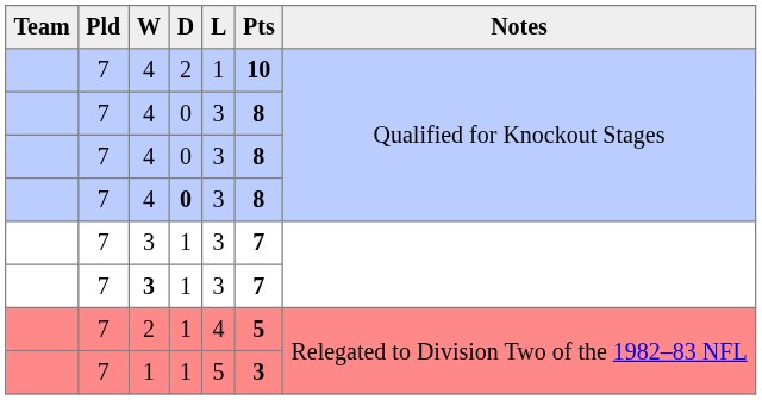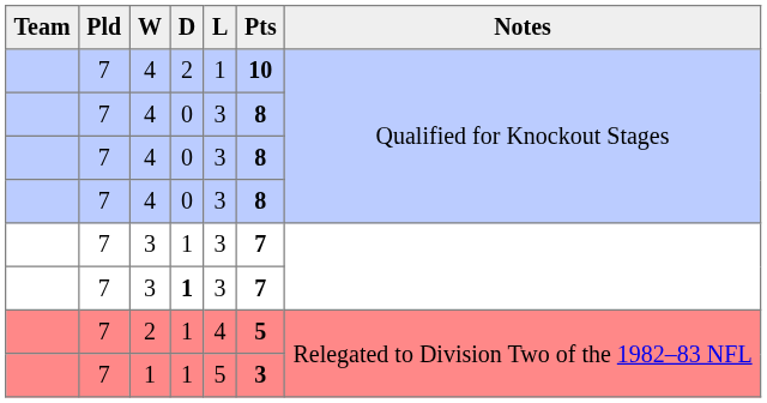 <table style=border-collapse:collapse border=1 cellspacing=0 cellpadding=5>
 <tr align=center bgcolor=#efefef>
 <th>Team</th>
 <th>Pld</th>
 <th>W</th>
 <th>D</th>
 <th>L</th>
 <th>Pts</th>
 <th>Notes</th>
 </tr>
 <tr align=center style="background:#bbccff;">
 <td style="text-align:left;"> </td>
 <td>7</td>
 <td>4</td>
 <td>2</td>
 <td>1</td>
 <td><strong>10</strong></td>
 <td rowspan=4>Qualified for Knockout Stages</td>
 </tr>
 <tr align=center style="background:#bbccff;">
 <td style="text-align:left;"> </td>
 <td>7</td>
 <td>4</td>
 <td>0</td>
 <td>3</td>
 <td><strong>8</strong></td>
 </tr>
 <tr align=center style="background:#bbccff;">
 <td style="text-align:left;"> </td>
 <td>7</td>
 <td>4</td>
 <td>0</td>
 <td>3</td>
 <td><strong>8</strong></td>
 </tr>
 <tr align=center style="background:#bbccff;">
 <td style="text-align:left;"> </td>
 <td>7</td>
 <td>4</td>
-<td><strong>0</strong></td>
+<td>0</td>
 <td>3</td>
 <td><strong>8</strong></td>
 </tr>
 <tr align=center style="background:#FFFFFF;">
 <td style="text-align:left;"> </td>
 <td>7</td>
 <td>3</td>
 <td>1</td>
 <td>3</td>
 <td><strong>7</strong></td>
 <td rowspan=2></td>
 </tr>
 <tr align=center style="background:#FFFFFF;">
 <td style="text-align:left;"> </td>
 <td>7</td>
-<td><strong>3</strong></td>
-<td>1</td>
+<td>3</td>
+<td><strong>1</strong></td>
 <td>3</td>
 <td><strong>7</strong></td>
 </tr>
 <tr align=center style="background:#FF8888;">
 <td style="text-align:left;"> </td>
 <td>7</td>
 <td>2</td>
 <td>1</td>
 <td>4</td>
 <td><strong>5</strong></td>
 <td rowspan=2>Relegated to Division Two of the <a href='#'>1982–83 NFL</a></td>
 </tr>
 <tr align=center style="background:#FF8888;">
 <td style="text-align:left;"> </td>
 <td>7</td>
 <td>1</td>
 <td>1</td>
 <td>5</td>
 <td><strong>3</strong></td>
 </tr>
 </table>
